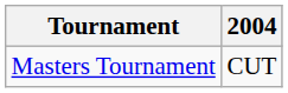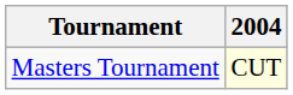 <table class="wikitable" style="font-size:95%;text-align:center;">
 <tr>
 <th>Tournament</th>
 <th>2004</th>
 </tr>
 <tr>
 <td align=left><a href='#'>Masters Tournament</a></td>
-<td>CUT</td>
+<td style="background: lightyellow;">CUT</td>
 </tr>
 </table>
